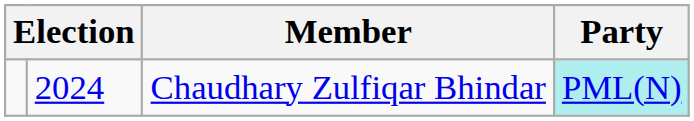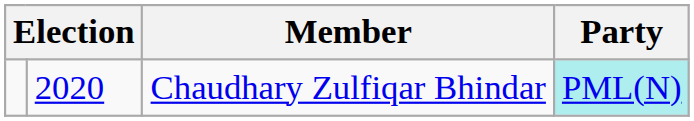 <table class="wikitable">
 <tr>
 <th colspan="2">Election</th>
 <th>Member</th>
 <th>Party</th>
 </tr>
 <tr>
 <td style="background-color: "></td>
-<td><a href='#'>2024</a></td>
+<td><a href='#'>2020</a></td>
 <td><a href='#'>Chaudhary Zulfiqar Bhindar</a></td>
 <td style="background: paleturquoise;"><a href='#'>PML(N)</a></td>
 </tr>
 </table>
